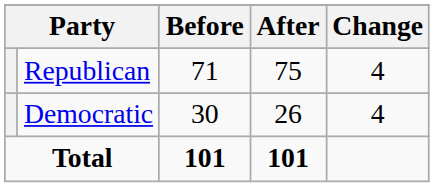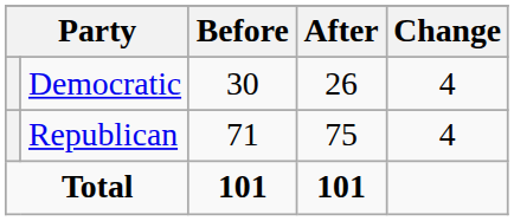 <table class="wikitable" style="text-align:center;">
 <tr>
 </tr>
 <tr>
 <th colspan=2>Party</th>
 <th>Before</th>
 <th>After</th>
 <th>Change</th>
 </tr>
 <tr>
 <th style="background-color:"></th>
-<td style="text-align:left;"><a href='#'>Republican</a></td>
-<td>71</td>
-<td>75</td>
+<td style="text-align:left;"><a href='#'>Democratic</a></td>
+<td>30</td>
+<td>26</td>
 <td> 4</td>
 </tr>
 <tr>
 <th style="background-color:"></th>
-<td style="text-align:left;"><a href='#'>Democratic</a></td>
-<td>30</td>
-<td>26</td>
+<td style="text-align:left;"><a href='#'>Republican</a></td>
+<td>71</td>
+<td>75</td>
 <td> 4</td>
 </tr>
 <tr>
 <td colspan=2><strong>Total</strong></td>
 <td><strong>101</strong></td>
 <td><strong>101</strong></td>
 <td></td>
 </tr>
 </table>
